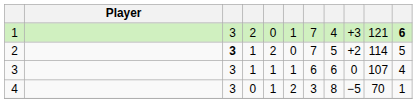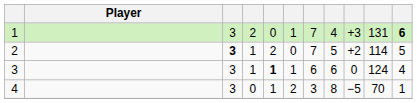 <table class="wikitable" style="text-align:center;">
 <tr>
 <th width=20></th>
 <th width=260>Player</th>
 <th width=20></th>
 <th width=20></th>
 <th width=20></th>
 <th width=20></th>
 <th width=20></th>
 <th width=20></th>
 <th width=20></th>
 <th width=30></th>
 <th width=20></th>
 </tr>
 <tr style="background:#D0F0C0;">
 <td>1</td>
 <td align=left> <small></small></td>
 <td>3</td>
 <td>2</td>
 <td>0</td>
 <td>1</td>
 <td>7</td>
 <td>4</td>
 <td>+3</td>
-<td>121</td>
+<td>131</td>
 <td><strong>6</strong></td>
 </tr>
 <tr>
 <td>2</td>
 <td align=left> <small></small></td>
 <td><strong>3</strong></td>
 <td>1</td>
 <td>2</td>
 <td>0</td>
 <td>7</td>
 <td>5</td>
 <td>+2</td>
 <td>114</td>
 <td>5</td>
 </tr>
 <tr>
 <td>3</td>
 <td align=left> <small></small></td>
 <td>3</td>
 <td>1</td>
-<td>1</td>
+<td><strong>1</strong></td>
 <td>1</td>
 <td>6</td>
 <td>6</td>
 <td>0</td>
-<td>107</td>
+<td>124</td>
 <td>4</td>
 </tr>
 <tr>
 <td>4</td>
 <td align=left> <small></small></td>
 <td>3</td>
 <td>0</td>
 <td>1</td>
 <td>2</td>
 <td>3</td>
 <td>8</td>
 <td>−5</td>
 <td>70</td>
 <td>1</td>
 </tr>
 <tr>
 </tr>
 </table>
